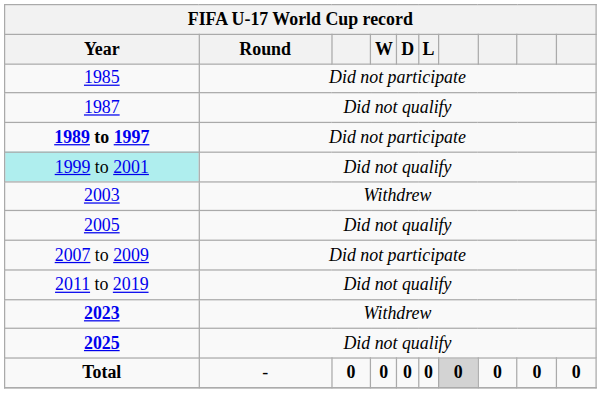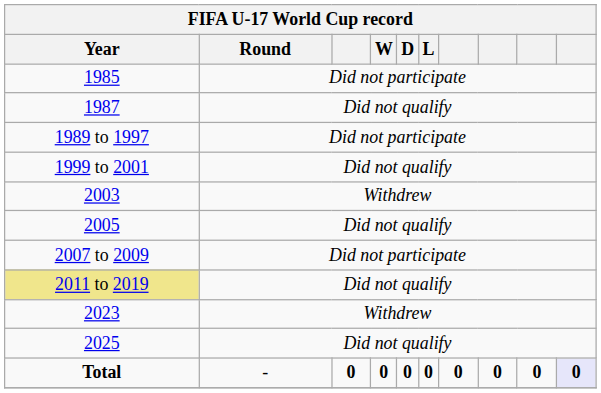 <table class="wikitable" style="text-align: center; font-size: 90%;">
 <tr>
 <th colspan=10>FIFA U-17 World Cup record</th>
 </tr>
 <tr>
 <th width=150>Year</th>
 <th width=100>Round</th>
 <th width=25></th>
 <th>W</th>
 <th>D</th>
 <th>L</th>
 <th width=25></th>
 <th width=25></th>
 <th width=25></th>
 <th width=25></th>
 </tr>
 <tr>
 <td> <a href='#'>1985</a></td>
 <td colspan=10><em>Did not participate</em></td>
 </tr>
 <tr>
 <td> <a href='#'>1987</a></td>
 <td colspan=10><em>Did not qualify</em></td>
 </tr>
 <tr>
-<td><strong> <a href='#'>1989</a> to  <a href='#'>1997</a></strong></td>
+<td> <a href='#'>1989</a> to  <a href='#'>1997</a></td>
 <td colspan=10><em>Did not participate</em></td>
 </tr>
 <tr>
-<td style="background: paleturquoise;"> <a href='#'>1999</a> to  <a href='#'>2001</a></td>
+<td> <a href='#'>1999</a> to  <a href='#'>2001</a></td>
 <td colspan=10><em>Did not qualify</em></td>
 </tr>
 <tr>
 <td> <a href='#'>2003</a></td>
 <td colspan=10><em>Withdrew</em></td>
 </tr>
 <tr>
 <td> <a href='#'>2005</a></td>
 <td colspan=10><em>Did not qualify</em></td>
 </tr>
 <tr>
 <td> <a href='#'>2007</a> to  <a href='#'>2009</a></td>
 <td colspan=10><em>Did not participate</em></td>
 </tr>
 <tr>
-<td> <a href='#'>2011</a> to  <a href='#'>2019</a></td>
+<td style="background: khaki;"> <a href='#'>2011</a> to  <a href='#'>2019</a></td>
 <td colspan=10><em>Did not qualify</em></td>
 </tr>
 <tr>
-<td><strong> <a href='#'>2023</a></strong></td>
+<td> <a href='#'>2023</a></td>
 <td colspan=10><em>Withdrew</em></td>
 </tr>
 <tr>
-<td><strong> <a href='#'>2025</a></strong></td>
+<td> <a href='#'>2025</a></td>
 <td colspan=10><em>Did not qualify</em></td>
 </tr>
 <tr>
 <td><strong>Total</strong></td>
 <td>-</td>
 <td><strong>0</strong></td>
 <td><strong>0</strong></td>
 <td><strong>0</strong></td>
 <td><strong>0</strong></td>
-<td style="background: lightgrey;"><strong>0</strong></td>
 <td><strong>0</strong></td>
 <td><strong>0</strong></td>
 <td><strong>0</strong></td>
+<td style="background: lavender;"><strong>0</strong></td>
 </tr>
 <tr>
 </tr>
 </table>
